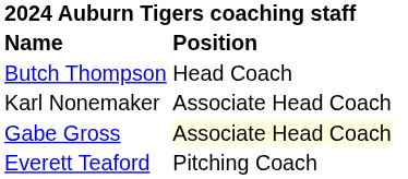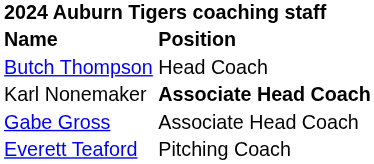 <table class="toccolours" style="text-align: left; font-size:90%;">
 <tr>
 <th colspan="9">2024 Auburn Tigers coaching staff</th>
 </tr>
 <tr>
 <th>Name</th>
 <th>Position</th>
 </tr>
 <tr>
 <td><a href='#'>Butch Thompson</a></td>
 <td>Head Coach</td>
 </tr>
 <tr>
 <td>Karl Nonemaker</td>
-<td>Associate Head Coach</td>
+<td><strong>Associate Head Coach</strong></td>
 </tr>
 <tr>
 <td><a href='#'>Gabe Gross</a></td>
-<td style="background: lightyellow;">Associate Head Coach</td>
+<td>Associate Head Coach</td>
 </tr>
 <tr>
 <td><a href='#'>Everett Teaford</a></td>
 <td>Pitching Coach</td>
 </tr>
 </table>
